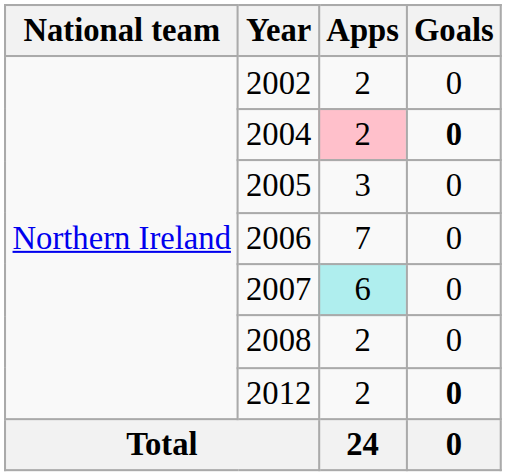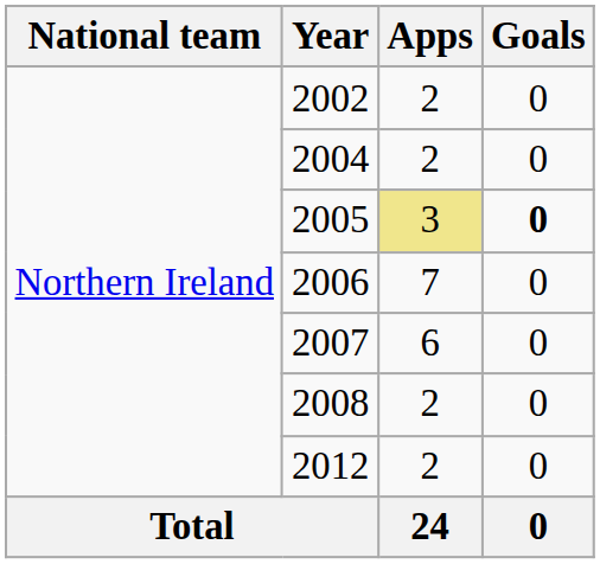 <table class="wikitable" style="text-align: center">
 <tr>
 <th>National team</th>
 <th>Year</th>
 <th>Apps</th>
 <th>Goals</th>
 </tr>
 <tr>
 <td rowspan="7"><a href='#'>Northern Ireland</a></td>
 <td>2002</td>
 <td>2</td>
 <td>0</td>
 </tr>
 <tr>
 <td>2004</td>
-<td style="background: pink;">2</td>
-<td><strong>0</strong></td>
+<td>2</td>
+<td>0</td>
 </tr>
 <tr>
 <td>2005</td>
-<td>3</td>
-<td>0</td>
+<td style="background: khaki;">3</td>
+<td><strong>0</strong></td>
 </tr>
 <tr>
 <td>2006</td>
 <td>7</td>
 <td>0</td>
 </tr>
 <tr>
 <td>2007</td>
-<td style="background: paleturquoise;">6</td>
+<td>6</td>
 <td>0</td>
 </tr>
 <tr>
 <td>2008</td>
 <td>2</td>
 <td>0</td>
 </tr>
 <tr>
 <td>2012</td>
 <td>2</td>
-<td><strong>0</strong></td>
+<td>0</td>
 </tr>
 <tr>
 <th colspan="2">Total</th>
 <th>24</th>
 <th>0</th>
 </tr>
 </table>
